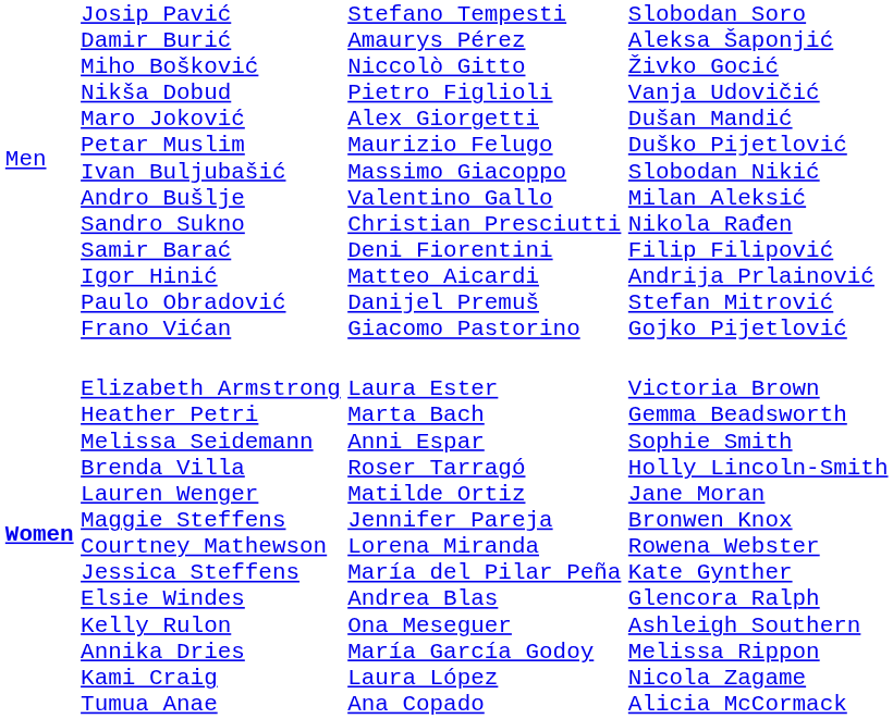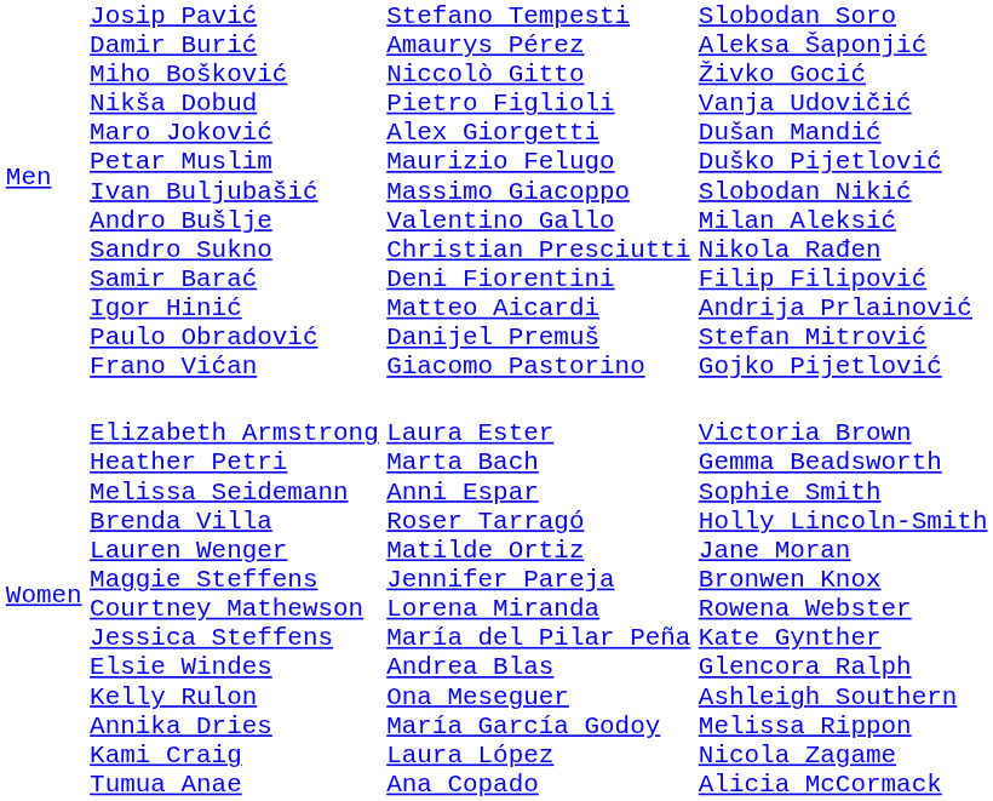 <table>
 <tr>
 <td><a href='#'>Men</a></td>
 <td><br><a href='#'>Josip Pavić</a><br><a href='#'>Damir Burić</a><br><a href='#'>Miho Bošković</a><br><a href='#'>Nikša Dobud</a><br><a href='#'>Maro Joković</a><br><a href='#'>Petar Muslim</a><br><a href='#'>Ivan Buljubašić</a><br><a href='#'>Andro Bušlje</a><br><a href='#'>Sandro Sukno</a><br><a href='#'>Samir Barać</a><br><a href='#'>Igor Hinić</a><br><a href='#'>Paulo Obradović</a><br><a href='#'>Frano Vićan</a></td>
 <td><br><a href='#'>Stefano Tempesti</a><br><a href='#'>Amaurys Pérez</a><br><a href='#'>Niccolò Gitto</a><br><a href='#'>Pietro Figlioli</a><br><a href='#'>Alex Giorgetti</a><br><a href='#'>Maurizio Felugo</a><br><a href='#'>Massimo Giacoppo</a><br><a href='#'>Valentino Gallo</a><br><a href='#'>Christian Presciutti</a><br><a href='#'>Deni Fiorentini</a><br><a href='#'>Matteo Aicardi</a><br><a href='#'>Danijel Premuš</a><br><a href='#'>Giacomo Pastorino</a></td>
 <td><br><a href='#'>Slobodan Soro</a><br><a href='#'>Aleksa Šaponjić</a><br><a href='#'>Živko Gocić</a><br><a href='#'>Vanja Udovičić</a><br><a href='#'>Dušan Mandić</a><br><a href='#'>Duško Pijetlović</a><br><a href='#'>Slobodan Nikić</a><br><a href='#'>Milan Aleksić</a><br><a href='#'>Nikola Rađen</a><br><a href='#'>Filip Filipović</a><br><a href='#'>Andrija Prlainović</a><br><a href='#'>Stefan Mitrović</a><br><a href='#'>Gojko Pijetlović</a></td>
 </tr>
 <tr>
-<td><strong><a href='#'>Women</a></strong></td>
+<td><a href='#'>Women</a></td>
 <td><br><a href='#'>Elizabeth Armstrong</a><br><a href='#'>Heather Petri</a><br><a href='#'>Melissa Seidemann</a><br><a href='#'>Brenda Villa</a><br><a href='#'>Lauren Wenger</a><br><a href='#'>Maggie Steffens</a><br><a href='#'>Courtney Mathewson</a><br><a href='#'>Jessica Steffens</a><br><a href='#'>Elsie Windes</a><br><a href='#'>Kelly Rulon</a><br><a href='#'>Annika Dries</a><br><a href='#'>Kami Craig</a><br><a href='#'>Tumua Anae</a></td>
 <td><br><a href='#'>Laura Ester</a><br><a href='#'>Marta Bach</a><br><a href='#'>Anni Espar</a><br><a href='#'>Roser Tarragó</a><br><a href='#'>Matilde Ortiz</a><br><a href='#'>Jennifer Pareja</a><br><a href='#'>Lorena Miranda</a><br><a href='#'>María del Pilar Peña</a><br><a href='#'>Andrea Blas</a><br><a href='#'>Ona Meseguer</a><br><a href='#'>María García Godoy</a><br><a href='#'>Laura López</a><br><a href='#'>Ana Copado</a></td>
 <td valign=top><br><a href='#'>Victoria Brown</a><br><a href='#'>Gemma Beadsworth</a><br><a href='#'>Sophie Smith</a><br><a href='#'>Holly Lincoln-Smith</a><br><a href='#'>Jane Moran</a><br><a href='#'>Bronwen Knox</a><br><a href='#'>Rowena Webster</a><br><a href='#'>Kate Gynther</a><br><a href='#'>Glencora Ralph</a><br><a href='#'>Ashleigh Southern</a><br><a href='#'>Melissa Rippon</a><br><a href='#'>Nicola Zagame</a><br><a href='#'>Alicia McCormack</a></td>
 </tr>
 </table>
